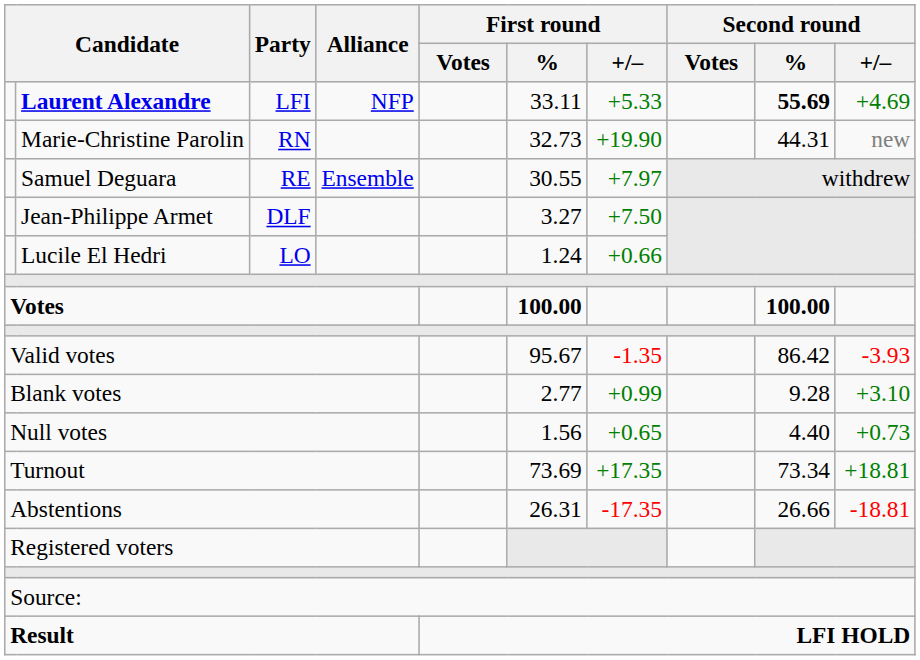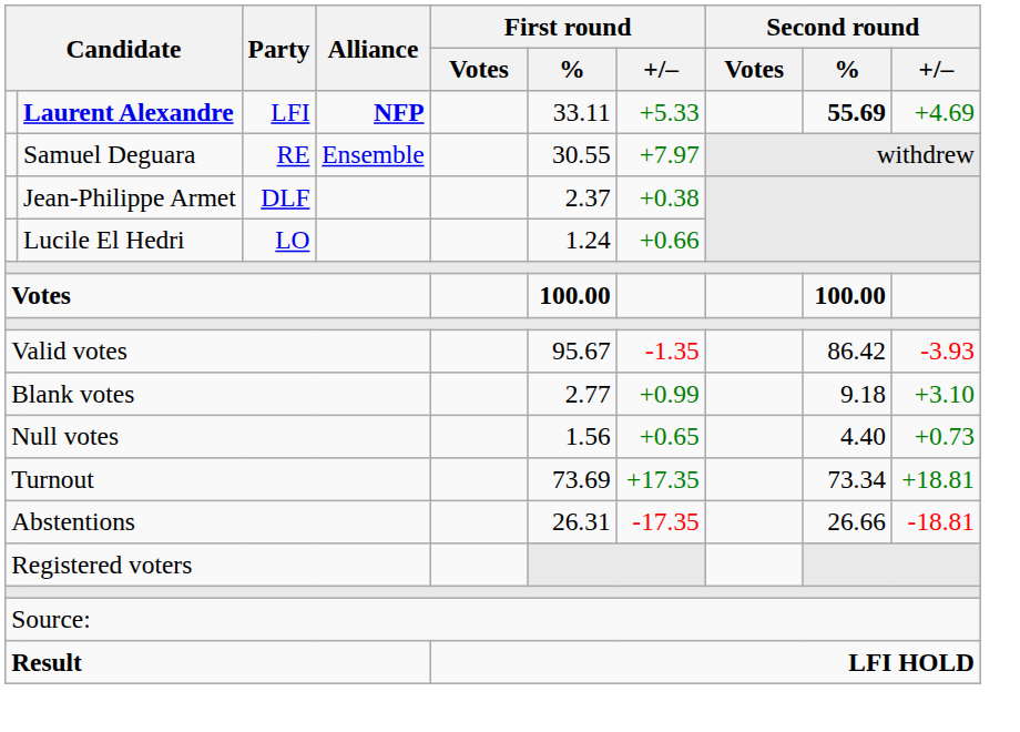 <table class="wikitable" style="text-align:right;font-size:95%;">
 <tr>
 <th rowspan="2" colspan="2">Candidate</th>
 <th colspan="1" rowspan="2">Party</th>
 <th colspan="1" rowspan="2">Alliance</th>
 <th colspan="3">First round</th>
 <th colspan="3">Second round</th>
 </tr>
 <tr>
 <th style="width:50px;">Votes</th>
 <th style="width:45px;">%</th>
 <th style="width:45px;">+/–</th>
 <th style="width:50px;">Votes</th>
 <th style="width:45px;">%</th>
 <th style="width:45px;">+/–</th>
 </tr>
 <tr>
 <td style="color:inherit;background:"></td>
 <td style="text-align:left;"><strong><a href='#'>Laurent Alexandre</a></strong></td>
 <td><a href='#'>LFI</a></td>
-<td><a href='#'>NFP</a></td>
+<td><strong><a href='#'>NFP</a></strong></td>
 <td></td>
 <td>33.11</td>
 <td style="color:green;">+5.33</td>
 <td><strong></strong></td>
 <td><strong>55.69</strong></td>
 <td style="color:green;">+4.69</td>
-</tr>
-<tr>
-<td style="color:inherit;background:"></td>
-<td style="text-align:left;">Marie-Christine Parolin</td>
-<td><a href='#'>RN</a></td>
-<td></td>
-<td></td>
-<td>32.73</td>
-<td style="color:green;">+19.90</td>
-<td></td>
-<td>44.31</td>
-<td style="color:grey;">new</td>
 </tr>
 <tr>
 <td style="color:inherit;background:"></td>
 <td style="text-align:left;">Samuel Deguara</td>
 <td><a href='#'>RE</a></td>
 <td><a href='#'>Ensemble</a></td>
 <td></td>
 <td>30.55</td>
 <td style="color:green;">+7.97</td>
 <td colspan="3" style="background:#E9E9E9;">withdrew</td>
 </tr>
 <tr>
 <td style="color:inherit;background:"></td>
 <td style="text-align:left;">Jean-Philippe Armet</td>
 <td><a href='#'>DLF</a></td>
 <td></td>
 <td></td>
-<td>3.27</td>
-<td style="color:green;">+7.50</td>
+<td>2.37</td>
+<td style="color:green;">+0.38</td>
 <td colspan="3" rowspan="2" style="background:#E9E9E9;"></td>
 </tr>
 <tr>
 <td style="color:inherit;background:"></td>
 <td style="text-align:left;">Lucile El Hedri</td>
 <td><a href='#'>LO</a></td>
 <td></td>
 <td></td>
 <td>1.24</td>
 <td style="color:green;">+0.66</td>
 </tr>
 <tr>
 <td colspan="10" style="background:#E9E9E9;"></td>
 </tr>
 <tr style="font-weight:bold;">
 <td colspan="4" style="text-align:left;">Votes</td>
 <td></td>
 <td>100.00</td>
 <td></td>
 <td></td>
 <td>100.00</td>
 <td></td>
 </tr>
 <tr>
 <td colspan="10" style="background:#E9E9E9;"></td>
 </tr>
 <tr>
 <td colspan="4" style="text-align:left;">Valid votes</td>
 <td></td>
 <td>95.67</td>
 <td style="color:red;">-1.35</td>
 <td></td>
 <td>86.42</td>
 <td style="color:red;">-3.93</td>
 </tr>
 <tr>
 <td colspan="4" style="text-align:left;">Blank votes</td>
 <td></td>
 <td>2.77</td>
 <td style="color:green;">+0.99</td>
 <td></td>
-<td>9.28</td>
+<td>9.18</td>
 <td style="color:green;">+3.10</td>
 </tr>
 <tr>
 <td colspan="4" style="text-align:left;">Null votes</td>
 <td></td>
 <td>1.56</td>
 <td style="color:green;">+0.65</td>
 <td></td>
 <td>4.40</td>
 <td style="color:green;">+0.73</td>
 </tr>
 <tr>
 <td colspan="4" style="text-align:left;">Turnout</td>
 <td></td>
 <td>73.69</td>
 <td style="color:green;">+17.35</td>
 <td></td>
 <td>73.34</td>
 <td style="color:green;">+18.81</td>
 </tr>
 <tr>
 <td colspan="4" style="text-align:left;">Abstentions</td>
 <td></td>
 <td>26.31</td>
 <td style="color:red;">-17.35</td>
 <td></td>
 <td>26.66</td>
 <td style="color:red;">-18.81</td>
 </tr>
 <tr>
 <td colspan="4" style="text-align:left;">Registered voters</td>
 <td></td>
 <td colspan="2" style="background:#E9E9E9;"></td>
 <td></td>
 <td colspan="2" style="background:#E9E9E9;"></td>
 </tr>
 <tr>
 <td colspan="10" style="background:#E9E9E9;"></td>
 </tr>
 <tr>
 <td colspan="10" style="text-align:left;">Source: </td>
 </tr>
 <tr style="font-weight:bold">
 <td colspan="4" style="text-align:left;">Result</td>
 <td colspan="6" style="background-color:">LFI HOLD</td>
 </tr>
 </table>
